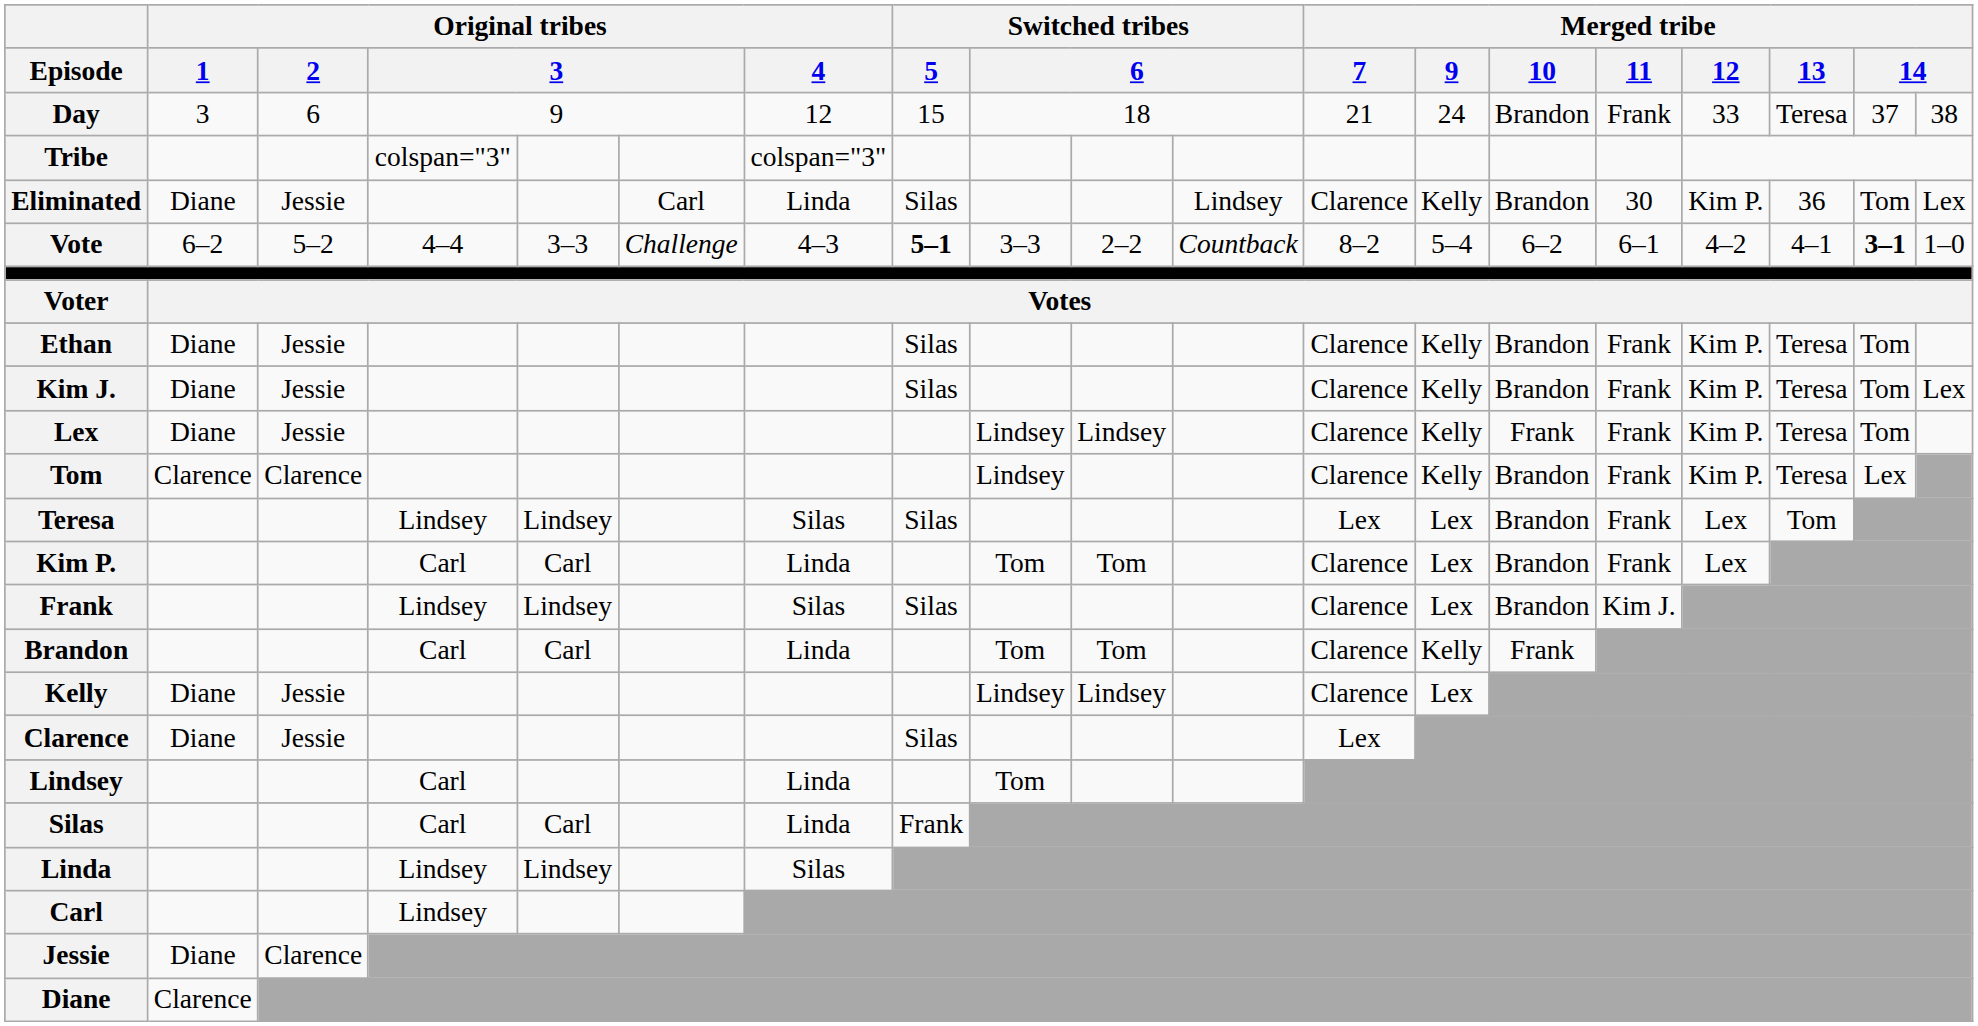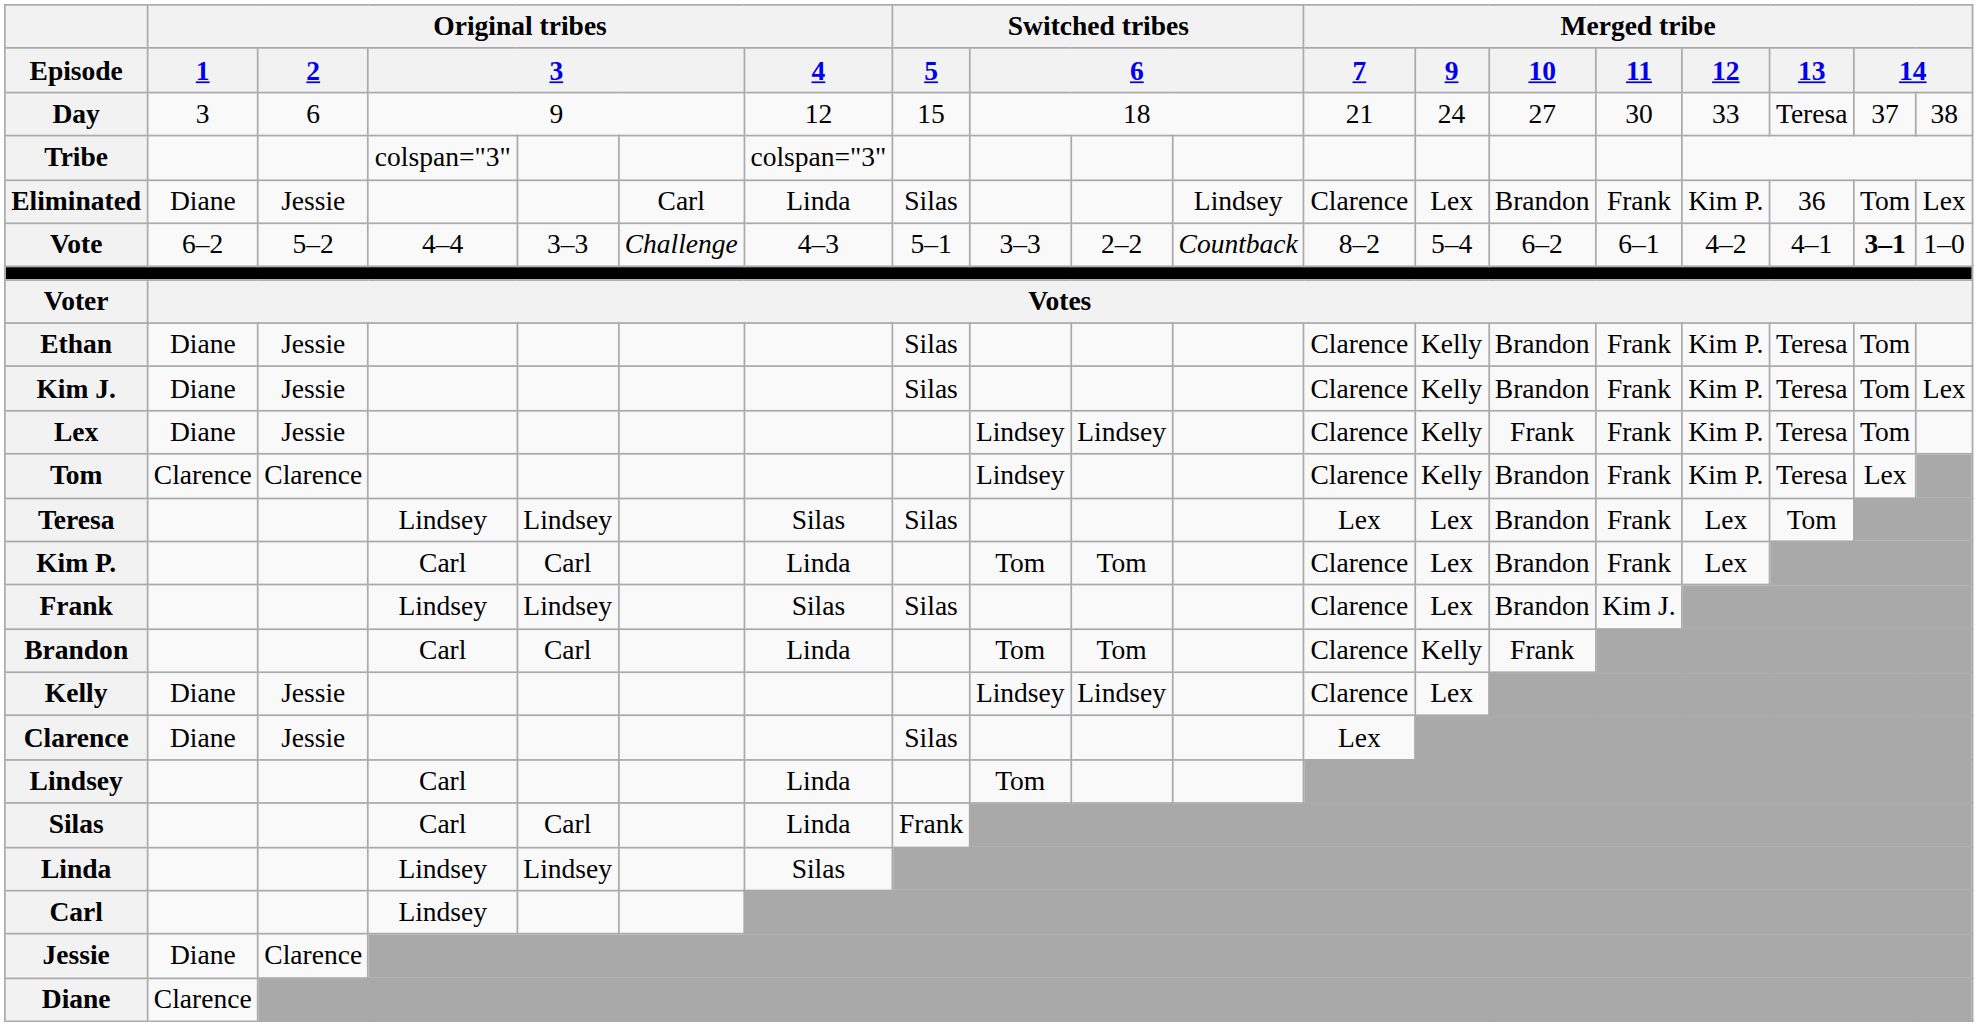 <table class="wikitable nowrap" style="text-align:center;">
 <tr>
 <th></th>
 <th colspan="6">Original tribes</th>
 <th colspan="4">Switched tribes</th>
 <th colspan="8">Merged tribe</th>
 </tr>
 <tr>
 <th>Episode</th>
 <th><a href='#'>1</a></th>
 <th><a href='#'>2</a></th>
 <th colspan="3"><a href='#'>3</a></th>
 <th><a href='#'>4</a></th>
 <th><a href='#'>5</a></th>
 <th colspan="3"><a href='#'>6</a></th>
 <th><a href='#'>7</a></th>
 <th><a href='#'>9</a></th>
 <th><a href='#'>10</a></th>
 <th><a href='#'>11</a></th>
 <th><a href='#'>12</a></th>
 <th><a href='#'>13</a></th>
 <th colspan="2"><a href='#'>14</a></th>
 </tr>
 <tr>
 <th>Day</th>
 <td>3</td>
 <td>6</td>
 <td colspan="3">9</td>
 <td>12</td>
 <td>15</td>
 <td colspan="3">18</td>
 <td>21</td>
 <td>24</td>
-<td>Brandon</td>
-<td>Frank</td>
+<td>27</td>
+<td>30</td>
 <td>33</td>
 <td>Teresa</td>
 <td>37</td>
 <td>38</td>
 </tr>
 <tr>
 <th>Tribe</th>
 <td></td>
 <td></td>
 <td>colspan="3" </td>
 <td></td>
 <td></td>
 <td>colspan="3" </td>
 <td></td>
 <td></td>
 <td></td>
 <td></td>
 <td></td>
 <td></td>
 <td></td>
 <td></td>
 </tr>
 <tr>
 <th>Eliminated</th>
 <td>Diane</td>
 <td>Jessie</td>
 <td></td>
 <td></td>
 <td>Carl</td>
 <td>Linda</td>
 <td>Silas</td>
 <td></td>
 <td></td>
 <td>Lindsey</td>
 <td>Clarence</td>
-<td>Kelly</td>
+<td>Lex</td>
 <td>Brandon</td>
-<td>30</td>
+<td>Frank</td>
 <td>Kim P.</td>
 <td>36</td>
 <td>Tom</td>
 <td>Lex</td>
 </tr>
 <tr>
 <th>Vote</th>
 <td>6–2</td>
 <td>5–2</td>
 <td>4–4</td>
 <td>3–3</td>
 <td><em>Challenge</em></td>
 <td>4–3</td>
-<td><strong>5–1</strong></td>
+<td>5–1</td>
 <td>3–3</td>
 <td>2–2</td>
 <td><em>Countback</em></td>
 <td>8–2</td>
 <td>5–4</td>
 <td>6–2</td>
 <td>6–1</td>
 <td>4–2</td>
 <td>4–1</td>
 <td><strong>3–1</strong></td>
 <td>1–0</td>
 </tr>
 <tr>
 <td style="background-color:black;" colspan="19"></td>
 </tr>
 <tr>
 <th>Voter</th>
 <th colspan="18">Votes</th>
 </tr>
 <tr>
 <th>Ethan</th>
 <td>Diane</td>
 <td>Jessie</td>
 <td></td>
 <td></td>
 <td></td>
 <td></td>
 <td>Silas</td>
 <td></td>
 <td></td>
 <td></td>
 <td>Clarence</td>
 <td>Kelly</td>
 <td>Brandon</td>
 <td>Frank</td>
 <td>Kim P.</td>
 <td>Teresa</td>
 <td>Tom</td>
 <td></td>
 </tr>
 <tr>
 <th>Kim J.</th>
 <td>Diane</td>
 <td>Jessie</td>
 <td></td>
 <td></td>
 <td></td>
 <td></td>
 <td>Silas</td>
 <td></td>
 <td></td>
 <td></td>
 <td>Clarence</td>
 <td>Kelly</td>
 <td>Brandon</td>
 <td>Frank</td>
 <td>Kim P.</td>
 <td>Teresa</td>
 <td>Tom</td>
 <td>Lex</td>
 </tr>
 <tr>
 <th>Lex</th>
 <td>Diane</td>
 <td>Jessie</td>
 <td></td>
 <td></td>
 <td></td>
 <td></td>
 <td></td>
 <td>Lindsey</td>
 <td>Lindsey</td>
 <td></td>
 <td>Clarence</td>
 <td>Kelly</td>
 <td>Frank</td>
 <td>Frank</td>
 <td>Kim P.</td>
 <td>Teresa</td>
 <td>Tom</td>
 <td></td>
 </tr>
 <tr>
 <th>Tom</th>
 <td>Clarence</td>
 <td>Clarence</td>
 <td></td>
 <td></td>
 <td></td>
 <td></td>
 <td></td>
 <td>Lindsey</td>
 <td></td>
 <td></td>
 <td>Clarence</td>
 <td>Kelly</td>
 <td>Brandon</td>
 <td>Frank</td>
 <td>Kim P.</td>
 <td>Teresa</td>
 <td>Lex</td>
 <td style="background-color:darkgrey;"></td>
 </tr>
 <tr>
 <th>Teresa</th>
 <td></td>
 <td></td>
 <td>Lindsey</td>
 <td>Lindsey</td>
 <td></td>
 <td>Silas</td>
 <td>Silas</td>
 <td></td>
 <td></td>
 <td></td>
 <td>Lex</td>
 <td>Lex</td>
 <td>Brandon</td>
 <td>Frank</td>
 <td>Lex</td>
 <td>Tom</td>
 <td style="background-color:darkgrey;" colspan="2"></td>
 </tr>
 <tr>
 <th>Kim P.</th>
 <td></td>
 <td></td>
 <td>Carl</td>
 <td>Carl</td>
 <td></td>
 <td>Linda</td>
 <td></td>
 <td>Tom</td>
 <td>Tom</td>
 <td></td>
 <td>Clarence</td>
 <td>Lex</td>
 <td>Brandon</td>
 <td>Frank</td>
 <td>Lex</td>
 <td style="background-color:darkgrey;" colspan="3"></td>
 </tr>
 <tr>
 <th>Frank</th>
 <td></td>
 <td></td>
 <td>Lindsey</td>
 <td>Lindsey</td>
 <td></td>
 <td>Silas</td>
 <td>Silas</td>
 <td></td>
 <td></td>
 <td></td>
 <td>Clarence</td>
 <td>Lex</td>
 <td>Brandon</td>
 <td>Kim J.</td>
 <td style="background-color:darkgrey;" colspan="4"></td>
 </tr>
 <tr>
 <th>Brandon</th>
 <td></td>
 <td></td>
 <td>Carl</td>
 <td>Carl</td>
 <td></td>
 <td>Linda</td>
 <td></td>
 <td>Tom</td>
 <td>Tom</td>
 <td></td>
 <td>Clarence</td>
 <td>Kelly</td>
 <td>Frank</td>
 <td style="background-color:darkgrey;" colspan="5"></td>
 </tr>
 <tr>
 <th>Kelly</th>
 <td>Diane</td>
 <td>Jessie</td>
 <td></td>
 <td></td>
 <td></td>
 <td></td>
 <td></td>
 <td>Lindsey</td>
 <td>Lindsey</td>
 <td></td>
 <td>Clarence</td>
 <td>Lex</td>
 <td style="background-color:darkgrey;" colspan="6"></td>
 </tr>
 <tr>
 <th>Clarence</th>
 <td>Diane</td>
 <td>Jessie</td>
 <td></td>
 <td></td>
 <td></td>
 <td></td>
 <td>Silas</td>
 <td></td>
 <td></td>
 <td></td>
 <td>Lex</td>
 <td style="background-color:darkgrey;" colspan="7"></td>
 </tr>
 <tr>
 <th>Lindsey</th>
 <td></td>
 <td></td>
 <td>Carl</td>
 <td></td>
 <td></td>
 <td>Linda</td>
 <td></td>
 <td>Tom</td>
 <td></td>
 <td></td>
 <td style="background-color:darkgrey;" colspan="8"></td>
 </tr>
 <tr>
 <th>Silas</th>
 <td></td>
 <td></td>
 <td>Carl</td>
 <td>Carl</td>
 <td></td>
 <td>Linda</td>
 <td>Frank</td>
 <td style="background-color:darkgrey;" colspan="11"></td>
 </tr>
 <tr>
 <th>Linda</th>
 <td></td>
 <td></td>
 <td>Lindsey</td>
 <td>Lindsey</td>
 <td></td>
 <td>Silas</td>
 <td style="background-color:darkgrey;" colspan="12"></td>
 </tr>
 <tr>
 <th>Carl</th>
 <td></td>
 <td></td>
 <td>Lindsey</td>
 <td></td>
 <td></td>
 <td style="background-color:darkgrey;" colspan="13"></td>
 </tr>
 <tr>
 <th>Jessie</th>
 <td>Diane</td>
 <td>Clarence</td>
 <td style="background-color:darkgrey;" colspan="16"></td>
 </tr>
 <tr>
 <th>Diane</th>
 <td>Clarence</td>
 <td style="background-color:darkgrey;" colspan="17"></td>
 </tr>
 </table>
